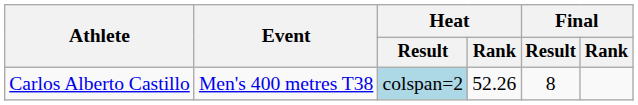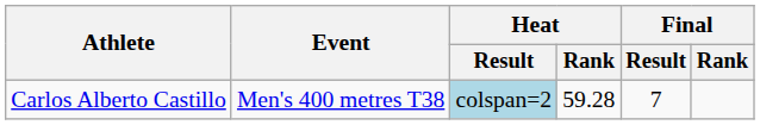 <table class="wikitable" style="text-align: center; font-size:90%">
 <tr>
 <th rowspan="2">Athlete</th>
 <th rowspan="2">Event</th>
 <th colspan="2">Heat</th>
 <th colspan="2">Final</th>
 </tr>
 <tr style="font-size:95%">
 <th>Result</th>
 <th>Rank</th>
 <th>Result</th>
 <th>Rank</th>
 </tr>
 <tr>
 <td align=left><a href='#'>Carlos Alberto Castillo</a></td>
 <td align=left><a href='#'>Men's 400 metres T38</a></td>
 <td style="background: lightblue;">colspan=2 </td>
-<td>52.26</td>
-<td>8</td>
+<td>59.28</td>
+<td>7</td>
 </tr>
 </table>
